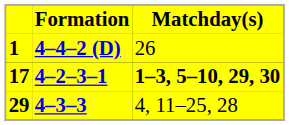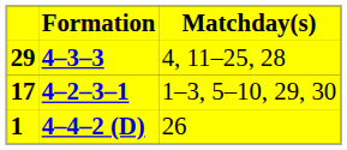 <table class="toccolours" border="0" cellpadding="2" cellspacing="0" align="center" style="margin: 0.5em 0 1em 1em; background: #000000; border: 1px #aaaaaa solid;">
 <tr bgcolor=#FFFF00>
 <th></th>
 <th>Formation</th>
 <th>Matchday(s)</th>
 </tr>
 <tr bgcolor=#FFFF00>
+<td><strong>29</strong></td>
+<td><a href='#'><span><strong>4–3–3</strong></span></a></td>
+<td>4, 11–25, 28</td>
+</tr>
+<tr bgcolor=#FFFF00>
+<td><strong>17</strong></td>
+<td><a href='#'><span><strong>4–2–3–1</strong></span></a></td>
+<td>1–3, 5–10, 29, 30</td>
+</tr>
+<tr bgcolor=#FFFF00>
 <td><strong>1</strong></td>
 <td><a href='#'><span><strong>4–4–2 (D)</strong></span></a></td>
 <td>26</td>
 </tr>
-<tr bgcolor=#FFFF00>
-<td><strong>17</strong></td>
-<td><a href='#'><span><strong>4–2–3–1</strong></span></a></td>
-<td><strong>1–3, 5–10, 29, 30</strong></td>
-</tr>
-<tr bgcolor=#FFFF00>
-<td><strong>29</strong></td>
-<td><a href='#'><span><strong>4–3–3</strong></span></a></td>
-<td>4, 11–25, 28</td>
-</tr>
 </table>
